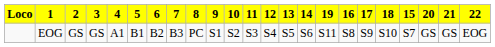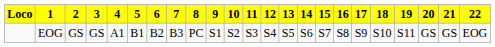 <table class="wikitable plainrowheaders unsortable" style="text-align:center">
 <tr>
 <th scope="col" rowspan="1" style="background:yellow;">Loco</th>
 <th scope="col" rowspan="1" style="background:yellow;">1</th>
 <th scope="col" rowspan="1" style="background:yellow;">2</th>
 <th scope="col" rowspan="1" style="background:yellow;">3</th>
 <th scope="col" rowspan="1" style="background:yellow;">4</th>
 <th scope="col" rowspan="1" style="background:yellow;">5</th>
 <th scope="col" rowspan="1" style="background:yellow;">6</th>
 <th scope="col" rowspan="1" style="background:yellow;">7</th>
 <th scope="col" rowspan="1" style="background:yellow;">8</th>
 <th scope="col" rowspan="1" style="background:yellow;">9</th>
 <th scope="col" rowspan="1" style="background:yellow;">10</th>
 <th scope="col" rowspan="1" style="background:yellow;">11</th>
 <th scope="col" rowspan="1" style="background:yellow;">12</th>
 <th scope="col" rowspan="1" style="background:yellow;">13</th>
 <th scope="col" rowspan="1" style="background:yellow;">14</th>
-<th scope="col" rowspan="1" style="background:yellow;">19</th>
+<th scope="col" rowspan="1" style="background:yellow;">15</th>
 <th scope="col" rowspan="1" style="background:yellow;">16</th>
 <th scope="col" rowspan="1" style="background:yellow;">17</th>
 <th scope="col" rowspan="1" style="background:yellow;">18</th>
-<th scope="col" rowspan="1" style="background:yellow;">15</th>
+<th scope="col" rowspan="1" style="background:yellow;">19</th>
 <th scope="col" rowspan="1" style="background:yellow;">20</th>
 <th scope="col" rowspan="1" style="background:yellow;">21</th>
 <th scope="col" rowspan="1" style="background:yellow;">22</th>
 </tr>
 <tr>
 <td></td>
 <td>EOG</td>
 <td>GS</td>
 <td>GS</td>
 <td>A1</td>
 <td>B1</td>
 <td>B2</td>
 <td>B3</td>
 <td>PC</td>
 <td>S1</td>
 <td>S2</td>
 <td>S3</td>
 <td>S4</td>
 <td>S5</td>
 <td>S6</td>
-<td>S11</td>
+<td>S7</td>
 <td>S8</td>
 <td>S9</td>
 <td>S10</td>
-<td>S7</td>
+<td>S11</td>
 <td>GS</td>
 <td>GS</td>
 <td>EOG</td>
 </tr>
 </table>
